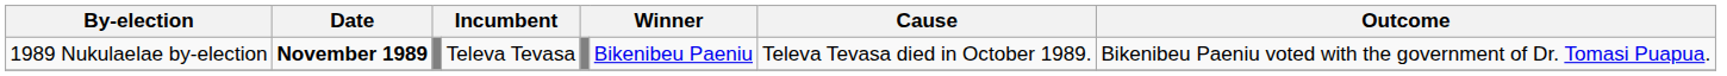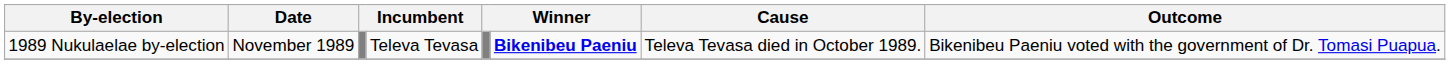 <table class="wikitable">
 <tr>
 <th>By-election</th>
 <th>Date</th>
 <th colspan=2>Incumbent</th>
 <th colspan=2>Winner</th>
 <th>Cause</th>
 <th>Outcome</th>
 </tr>
 <tr>
 <td>1989 Nukulaelae by-election</td>
-<td><strong>November 1989</strong></td>
+<td>November 1989</td>
 <td style="background-color: #808080;"></td>
 <td>Televa Tevasa</td>
 <td style="background-color: #808080;"></td>
-<td><a href='#'>Bikenibeu Paeniu</a></td>
+<td><strong><a href='#'>Bikenibeu Paeniu</a></strong></td>
 <td>Televa Tevasa died in October 1989.</td>
 <td>Bikenibeu Paeniu voted with the government of Dr. <a href='#'>Tomasi Puapua</a>.</td>
 </tr>
 <tr bgcolor=>
 </tr>
 <tr>
 </tr>
 </table>
